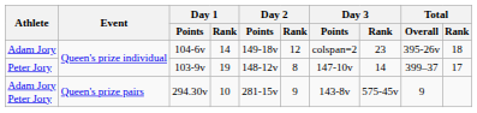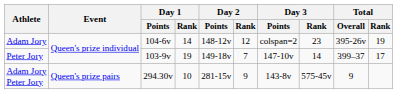 <table class="wikitable" style="font-size:90%">
 <tr>
 <th rowspan=2>Athlete</th>
 <th rowspan=2>Event</th>
 <th colspan=2>Day 1</th>
 <th colspan=2>Day 2</th>
 <th colspan=2>Day 3</th>
 <th colspan=2>Total</th>
 </tr>
 <tr style="font-size:95%">
 <th>Points</th>
 <th>Rank</th>
 <th>Points</th>
 <th>Rank</th>
 <th>Points</th>
 <th>Rank</th>
 <th>Overall</th>
 <th>Rank</th>
 </tr>
 <tr align=center>
 <td align=left><a href='#'>Adam Jory</a></td>
 <td align=left rowspan=2><a href='#'>Queen's prize individual</a></td>
 <td>104-6v</td>
 <td>14</td>
-<td>149-18v</td>
+<td>148-12v</td>
 <td>12</td>
 <td>colspan=2 </td>
 <td>23</td>
 <td>395-26v</td>
-<td>18</td>
+<td>19</td>
 </tr>
 <tr align=center>
 <td align=left><a href='#'>Peter Jory</a></td>
 <td>103-9v</td>
 <td>19</td>
-<td>148-12v</td>
-<td>8</td>
+<td>149-18v</td>
+<td>7</td>
 <td>147-10v</td>
 <td>14</td>
 <td>399–37</td>
 <td>17</td>
 </tr>
 <tr align=center>
 <td align=left><a href='#'>Adam Jory</a><br><a href='#'>Peter Jory</a></td>
 <td align=left><a href='#'>Queen's prize pairs</a></td>
 <td>294.30v</td>
 <td>10</td>
 <td>281-15v</td>
 <td>9</td>
 <td>143-8v</td>
 <td>575-45v</td>
 <td>9</td>
 </tr>
 </table>
